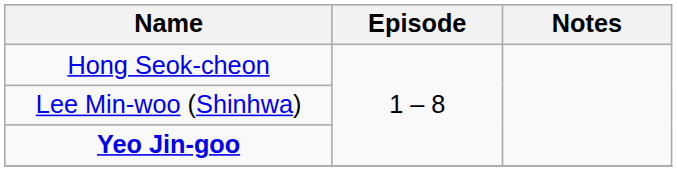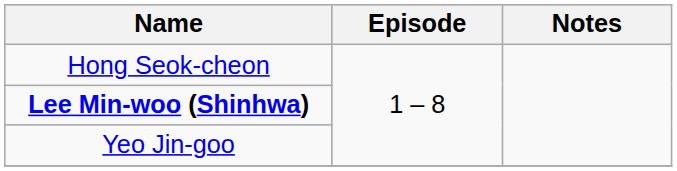 <table class=wikitable style=text-align:center>
 <tr>
 <th style=width:200px>Name</th>
 <th style=width:100px>Episode</th>
 <th style=width:100px>Notes</th>
 </tr>
 <tr>
 <td><a href='#'>Hong Seok-cheon</a></td>
 <td rowspan=3>1 – 8</td>
 <td rowspan=3></td>
 </tr>
 <tr>
-<td><a href='#'>Lee Min-woo</a> (<a href='#'>Shinhwa</a>)</td>
+<td><strong><a href='#'>Lee Min-woo</a> (<a href='#'>Shinhwa</a>)</strong></td>
 </tr>
 <tr>
-<td><strong><a href='#'>Yeo Jin-goo</a></strong></td>
+<td><a href='#'>Yeo Jin-goo</a></td>
 </tr>
 <tr>
 </tr>
 </table>
